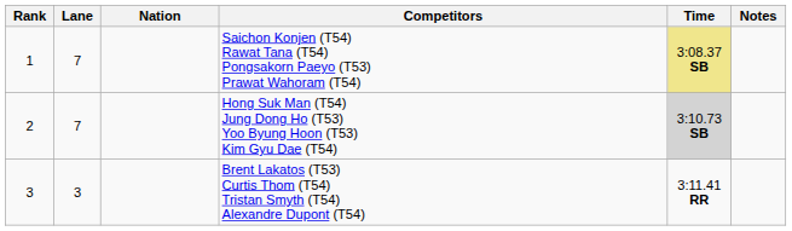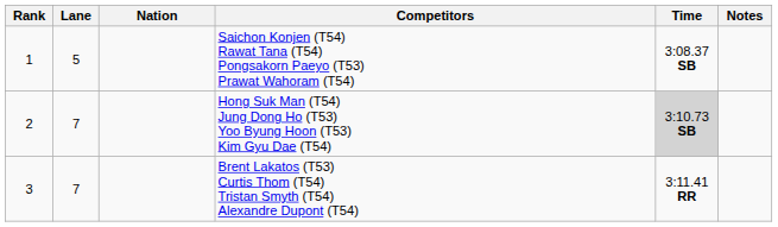 <table class="wikitable sortable"  style="width:70%; text-align:center; font-size:95%;">
 <tr>
 <th width=15>Rank</th>
 <th width=15>Lane</th>
 <th width=100>Nation</th>
 <th width=400>Competitors</th>
 <th width=15>Time</th>
 <th width=15>Notes</th>
 </tr>
 <tr>
 <td>1</td>
-<td>7</td>
+<td>5</td>
 <td align=left></td>
 <td align=left><a href='#'>Saichon Konjen</a> (T54)<br><a href='#'>Rawat Tana</a> (T54)<br><a href='#'>Pongsakorn Paeyo</a> (T53)<br><a href='#'>Prawat Wahoram</a> (T54)</td>
-<td style="background: khaki;">3:08.37 <strong>SB</strong></td>
+<td>3:08.37 <strong>SB</strong></td>
 <td> </td>
 </tr>
 <tr>
 <td>2</td>
 <td>7</td>
 <td align=left></td>
 <td align=left><a href='#'>Hong Suk Man</a> (T54)<br><a href='#'>Jung Dong Ho</a> (T53)<br><a href='#'>Yoo Byung Hoon</a> (T53)<br><a href='#'>Kim Gyu Dae</a> (T54)</td>
 <td style="background: lightgrey;">3:10.73 <strong>SB</strong></td>
 <td> </td>
 </tr>
 <tr>
 <td>3</td>
-<td>3</td>
+<td>7</td>
 <td align=left></td>
 <td align=left><a href='#'>Brent Lakatos</a> (T53)<br><a href='#'>Curtis Thom</a> (T54)<br><a href='#'>Tristan Smyth</a> (T54)<br><a href='#'>Alexandre Dupont</a> (T54)</td>
 <td>3:11.41 <strong>RR</strong></td>
 <td> </td>
 </tr>
 </table>
